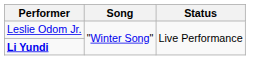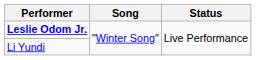 <table class="wikitable" style="font-size:85%">
 <tr>
 <th>Performer</th>
 <th>Song</th>
 <th>Status</th>
 </tr>
 <tr>
-<td> <a href='#'>Leslie Odom Jr.</a></td>
+<td><strong> <a href='#'>Leslie Odom Jr.</a></strong></td>
 <td rowspan="2">"<a href='#'>Winter Song</a>"</td>
 <td rowspan="2">Live Performance</td>
 </tr>
 <tr>
-<td><strong> <a href='#'>Li Yundi</a></strong></td>
+<td> <a href='#'>Li Yundi</a></td>
 </tr>
 </table>
